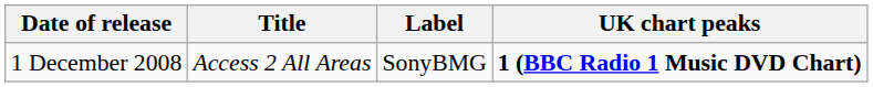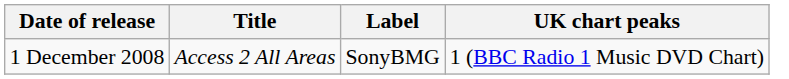 <table class="wikitable">
 <tr>
 <th align="left"><strong>Date of release</strong></th>
 <th align="left"><strong>Title</strong></th>
 <th align="left"><strong>Label</strong></th>
 <th align="left"><strong>UK chart peaks </strong></th>
 </tr>
 <tr>
 <td>1 December 2008</td>
 <td><em>Access 2 All Areas</em></td>
 <td>SonyBMG</td>
-<td><strong>1 (<a href='#'>BBC Radio 1</a> Music DVD Chart)</strong></td>
+<td>1 (<a href='#'>BBC Radio 1</a> Music DVD Chart)</td>
 </tr>
 </table>
